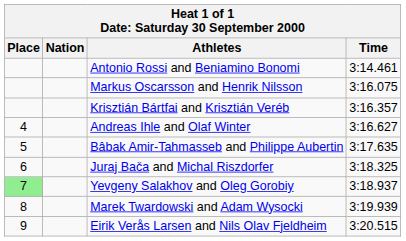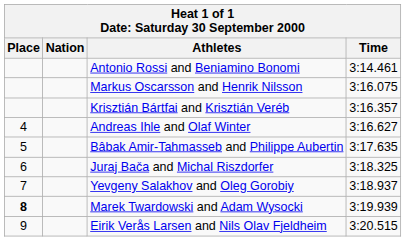 <table class="wikitable sortable">
 <tr>
 <th colspan=4>Heat 1 of 1 <br> Date: Saturday 30 September 2000</th>
 </tr>
 <tr>
 <th rowspan=1>Place</th>
 <th rowspan=1>Nation</th>
 <th rowspan=1>Athletes</th>
 <th rowspan=1>Time</th>
 </tr>
 <tr>
 <td align="center"></td>
 <td align="left"></td>
 <td align="left"><a href='#'>Antonio Rossi</a> and <a href='#'>Beniamino Bonomi</a></td>
 <td align="center">3:14.461</td>
 </tr>
 <tr>
 <td align="center"></td>
 <td align="left"></td>
 <td align="left"><a href='#'>Markus Oscarsson</a> and <a href='#'>Henrik Nilsson</a></td>
 <td align="center">3:16.075</td>
 </tr>
 <tr>
 <td align="center"></td>
 <td align="left"></td>
 <td align="left"><a href='#'>Krisztián Bártfai</a> and <a href='#'>Krisztián Veréb</a></td>
 <td align="center">3:16.357</td>
 </tr>
 <tr>
 <td align="center">4</td>
 <td align="left"></td>
 <td align="left"><a href='#'>Andreas Ihle</a> and <a href='#'>Olaf Winter</a></td>
 <td align="center">3:16.627</td>
 </tr>
 <tr>
 <td align="center">5</td>
 <td align="left"></td>
 <td align="left"><a href='#'>Bâbak Amir-Tahmasseb</a> and <a href='#'>Philippe Aubertin</a></td>
 <td align="center">3:17.635</td>
 </tr>
 <tr>
 <td align="center">6</td>
 <td align="left"></td>
 <td align="left"><a href='#'>Juraj Bača</a> and <a href='#'>Michal Riszdorfer</a></td>
 <td align="center">3:18.325</td>
 </tr>
 <tr>
-<td align="center" style="background: lightgreen;">7</td>
+<td align="center">7</td>
 <td align="left"></td>
 <td align="left"><a href='#'>Yevgeny Salakhov</a> and <a href='#'>Oleg Gorobiy</a></td>
 <td align="center">3:18.937</td>
 </tr>
 <tr>
-<td align="center">8</td>
+<td align="center"><strong>8</strong></td>
 <td align="left"></td>
 <td align="left"><a href='#'>Marek Twardowski</a> and <a href='#'>Adam Wysocki</a></td>
 <td align="center">3:19.939</td>
 </tr>
 <tr>
 <td align="center">9</td>
 <td align="left"></td>
 <td align="left"><a href='#'>Eirik Verås Larsen</a> and <a href='#'>Nils Olav Fjeldheim</a></td>
 <td align="center">3:20.515</td>
 </tr>
 </table>
